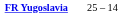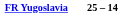 <table style="text-align:center">
 <tr>
 <th width=200></th>
 <th width=100></th>
 <th width=200></th>
 </tr>
 <tr>
 <td align=right><strong><a href='#'>FR Yugoslavia</a> </strong></td>
-<td>25 – 14</td>
+<td><strong>25 – 14</strong></td>
 <td align=left></td>
 </tr>
 </table>
